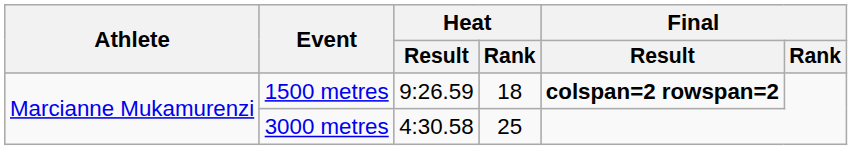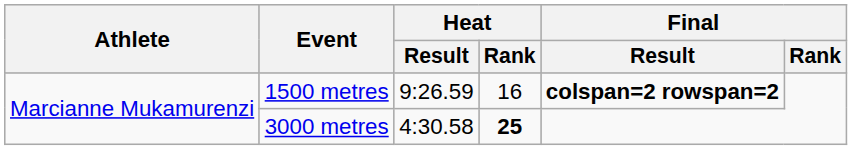 <table class=wikitable style=font-size:90%>
 <tr>
 <th rowspan=2>Athlete</th>
 <th rowspan=2>Event</th>
 <th colspan=2>Heat</th>
 <th colspan=2>Final</th>
 </tr>
 <tr style=font-size:95%>
 <th>Result</th>
 <th>Rank</th>
 <th>Result</th>
 <th>Rank</th>
 </tr>
 <tr align=center>
 <td align=left rowspan=2><a href='#'>Marcianne Mukamurenzi</a></td>
 <td align=left><a href='#'>1500 metres</a></td>
 <td>9:26.59</td>
-<td>18</td>
+<td>16</td>
 <td><strong>colspan=2 rowspan=2 </strong></td>
 </tr>
 <tr align=center>
 <td align=left><a href='#'>3000 metres</a></td>
 <td>4:30.58</td>
-<td>25</td>
+<td><strong>25</strong></td>
 </tr>
 </table>
